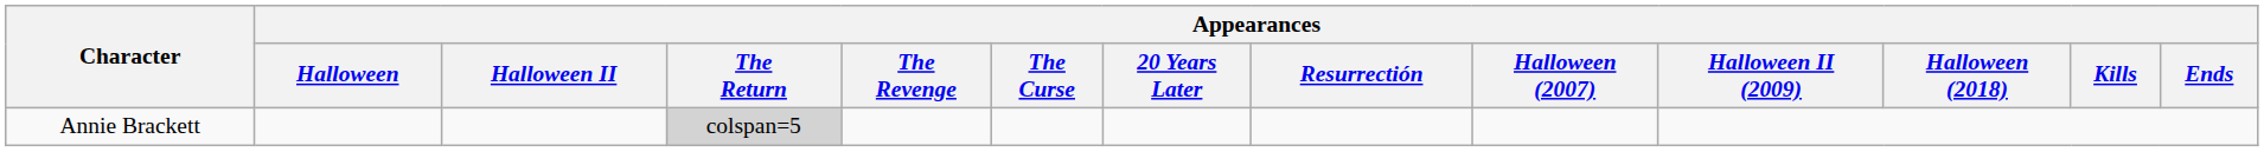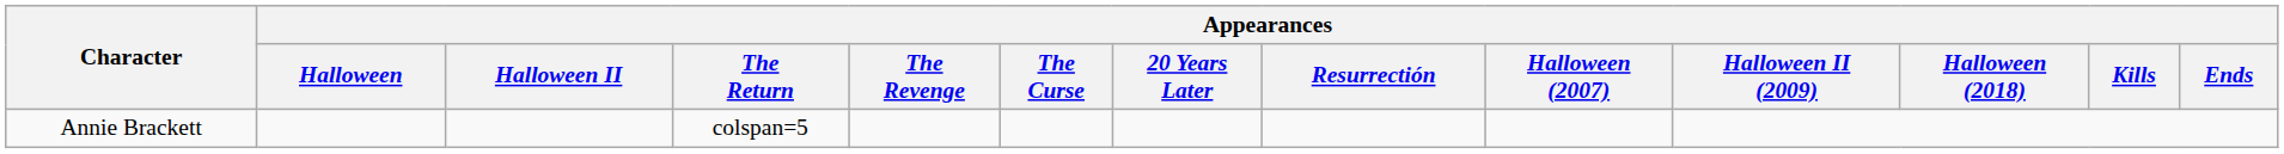 <table class="wikitable" style="text-align:center; width:99%; font-size:80%">
 <tr>
 <th scope="col" rowspan="2">Character</th>
 <th scope="col" colspan="13">Appearances</th>
 </tr>
 <tr>
 <th scope="row"><em><a href='#'>Halloween</a></em></th>
 <th scope="row"><em><a href='#'>Halloween II</a></em></th>
 <th scope="row"><em><a href='#'>The <br>Return</a></em></th>
 <th scope="row"><em><a href='#'>The <br>Revenge</a></em></th>
 <th scope="row"><em><a href='#'>The<br>Curse</a></em></th>
 <th scope="row"><em><a href='#'>20 Years<br> Later</a></em></th>
 <th scope="row"><em><a href='#'>Resurrectión</a></em></th>
 <th scope="row"><em><a href='#'>Halloween <br>(2007)</a></em></th>
 <th scope="row"><em><a href='#'>Halloween II <br> (2009)</a></em></th>
 <th scope="row"><em><a href='#'>Halloween<br>(2018)</a></em></th>
 <th scope="row"><em><a href='#'>Kills</a></em></th>
 <th scope="row"><em><a href='#'>Ends</a></em></th>
 </tr>
 <tr>
 <td>Annie Brackett</td>
 <td></td>
 <td></td>
-<td style="background: lightgrey;">colspan=5 </td>
+<td>colspan=5 </td>
 <td></td>
 <td></td>
 <td></td>
 <td></td>
 <td></td>
 </tr>
 </table>
